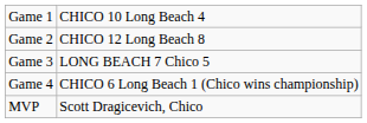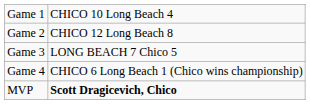 <table class="wikitable">
 <tr>
 <td>Game 1</td>
 <td>CHICO 10 Long Beach 4</td>
 </tr>
 <tr>
 <td>Game 2</td>
 <td>CHICO 12 Long Beach 8</td>
 </tr>
 <tr>
 <td>Game 3</td>
 <td>LONG BEACH 7 Chico 5</td>
 </tr>
 <tr>
 <td>Game 4</td>
 <td>CHICO 6 Long Beach 1 (Chico wins championship)</td>
 </tr>
 <tr>
 <td>MVP</td>
-<td>Scott Dragicevich, Chico</td>
+<td><strong>Scott Dragicevich, Chico</strong></td>
 </tr>
 </table>
